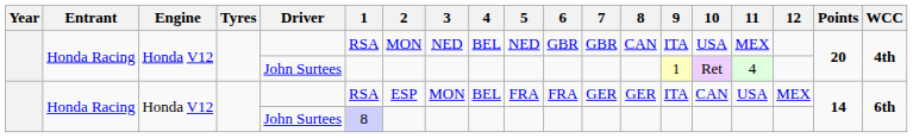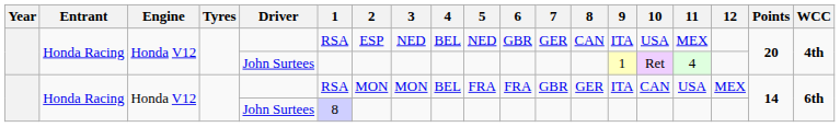 <table class="wikitable" style="text-align:center; font-size:95%">
 <tr>
 <th>Year</th>
 <th>Entrant</th>
 <th>Engine</th>
 <th>Tyres</th>
 <th>Driver</th>
 <th>1</th>
 <th>2</th>
 <th>3</th>
 <th>4</th>
 <th>5</th>
 <th>6</th>
 <th>7</th>
 <th>8</th>
 <th>9</th>
 <th>10</th>
 <th>11</th>
 <th>12</th>
 <th>Points</th>
 <th>WCC</th>
 </tr>
 <tr>
 <th rowspan="2"></th>
 <td rowspan="2"><a href='#'>Honda Racing</a></td>
 <td rowspan="2"><a href='#'>Honda</a> <a href='#'>V12</a></td>
 <td rowspan="2"></td>
 <td></td>
 <td><a href='#'>RSA</a></td>
-<td><a href='#'>MON</a></td>
+<td><a href='#'>ESP</a></td>
 <td><a href='#'>NED</a></td>
 <td><a href='#'>BEL</a></td>
 <td><a href='#'>NED</a></td>
 <td><a href='#'>GBR</a></td>
-<td><a href='#'>GBR</a></td>
+<td><a href='#'>GER</a></td>
 <td><a href='#'>CAN</a></td>
 <td><a href='#'>ITA</a></td>
 <td><a href='#'>USA</a></td>
 <td><a href='#'>MEX</a></td>
 <td></td>
 <td rowspan="2"><strong>20</strong></td>
 <td rowspan="2"><strong>4th</strong></td>
 </tr>
 <tr>
 <td><a href='#'>John Surtees</a></td>
 <td></td>
 <td></td>
 <td></td>
 <td></td>
 <td></td>
 <td></td>
 <td></td>
 <td></td>
 <td style="background:#ffffbf;">1</td>
 <td style="background:#efcfff;">Ret</td>
 <td style="background:#dfffdf;">4</td>
 <td></td>
 </tr>
 <tr>
 <th rowspan="2"></th>
 <td rowspan="2"><a href='#'>Honda Racing</a></td>
 <td rowspan="2">Honda <a href='#'>V12</a></td>
 <td rowspan="2"></td>
 <td></td>
 <td><a href='#'>RSA</a></td>
-<td><a href='#'>ESP</a></td>
+<td><a href='#'>MON</a></td>
 <td><a href='#'>MON</a></td>
 <td><a href='#'>BEL</a></td>
 <td><a href='#'>FRA</a></td>
 <td><a href='#'>FRA</a></td>
-<td><a href='#'>GER</a></td>
+<td><a href='#'>GBR</a></td>
 <td><a href='#'>GER</a></td>
 <td><a href='#'>ITA</a></td>
 <td><a href='#'>CAN</a></td>
 <td><a href='#'>USA</a></td>
 <td><a href='#'>MEX</a></td>
 <td rowspan="2"><strong>14</strong></td>
 <td rowspan="2"><strong>6th</strong></td>
 </tr>
 <tr>
 <td><a href='#'>John Surtees</a></td>
 <td style="background:#cfcfff;">8</td>
 <td></td>
 <td></td>
 <td></td>
 <td></td>
 <td></td>
 <td></td>
 <td></td>
 <td></td>
 <td></td>
 <td></td>
 <td></td>
 </tr>
 </table>
